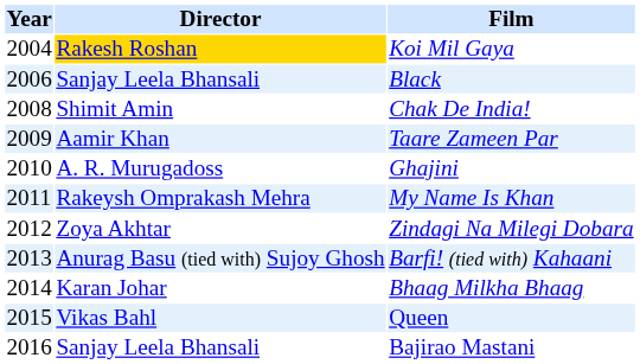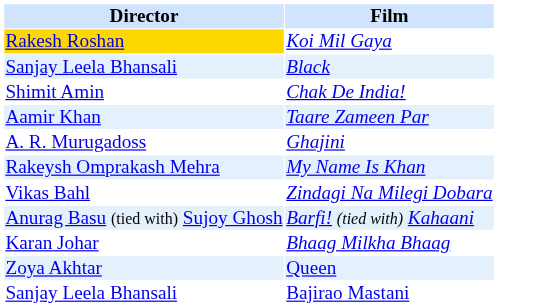 <table cellspacing="1">
 <tr style="background:#d1e4fd;">
-<th>Year</th>
 <th>Director</th>
 <th>Film</th>
 </tr>
 <tr>
-<td>2004</td>
 <td style="background: gold;"><a href='#'>Rakesh Roshan</a></td>
 <td><em><a href='#'>Koi Mil Gaya</a></em></td>
 </tr>
 <tr style="background:#e4f1fd;">
-<td>2006</td>
 <td><a href='#'>Sanjay Leela Bhansali</a></td>
 <td><em><a href='#'>Black</a></em></td>
 </tr>
 <tr>
-<td>2008</td>
 <td><a href='#'>Shimit Amin</a></td>
 <td><em><a href='#'>Chak De India!</a></em></td>
 </tr>
 <tr style="background:#e4f1fd;">
-<td>2009</td>
 <td><a href='#'>Aamir Khan</a></td>
 <td><em><a href='#'>Taare Zameen Par</a></em></td>
 </tr>
 <tr>
-<td>2010</td>
 <td><a href='#'>A. R. Murugadoss</a></td>
 <td><em><a href='#'>Ghajini</a></em></td>
 </tr>
 <tr style="background:#e4f1fd;">
-<td>2011</td>
 <td><a href='#'>Rakeysh Omprakash Mehra</a></td>
 <td><em><a href='#'>My Name Is Khan</a></em></td>
 </tr>
 <tr>
-<td>2012</td>
-<td><a href='#'>Zoya Akhtar</a></td>
+<td><a href='#'>Vikas Bahl</a></td>
 <td><em><a href='#'>Zindagi Na Milegi Dobara</a></em></td>
 </tr>
 <tr style="background:#e4f1fd;">
-<td>2013</td>
 <td><a href='#'>Anurag Basu</a> <small>(tied with)</small> <a href='#'>Sujoy Ghosh</a></td>
 <td><em><a href='#'>Barfi!</a> <small>(tied with)</small> <a href='#'>Kahaani</a></em></td>
 </tr>
 <tr>
-<td>2014</td>
 <td><a href='#'>Karan Johar</a></td>
 <td><em><a href='#'>Bhaag Milkha Bhaag</a></em></td>
 </tr>
 <tr style="background:#e4f1fd;">
-<td>2015</td>
-<td><a href='#'>Vikas Bahl</a></td>
+<td><a href='#'>Zoya Akhtar</a></td>
 <td><a href='#'>Queen</a></td>
 </tr>
 <tr>
-<td>2016</td>
 <td><a href='#'>Sanjay Leela Bhansali</a></td>
 <td><a href='#'>Bajirao Mastani</a></td>
 </tr>
 </table>
